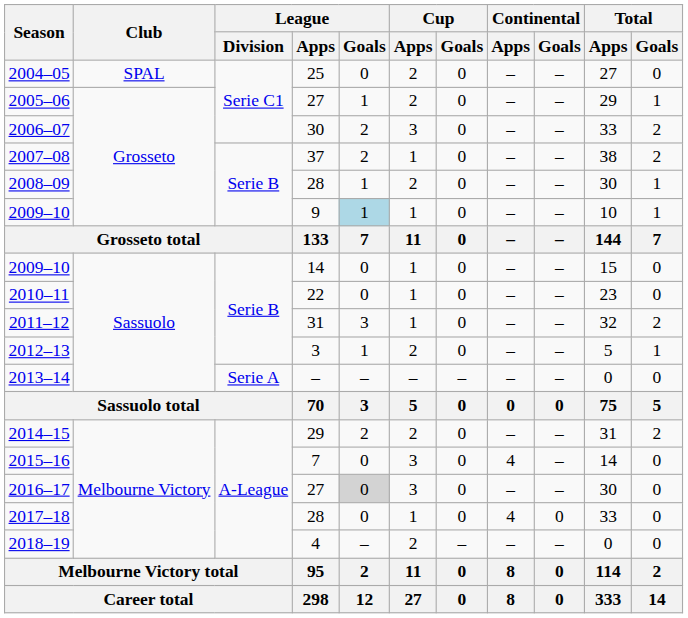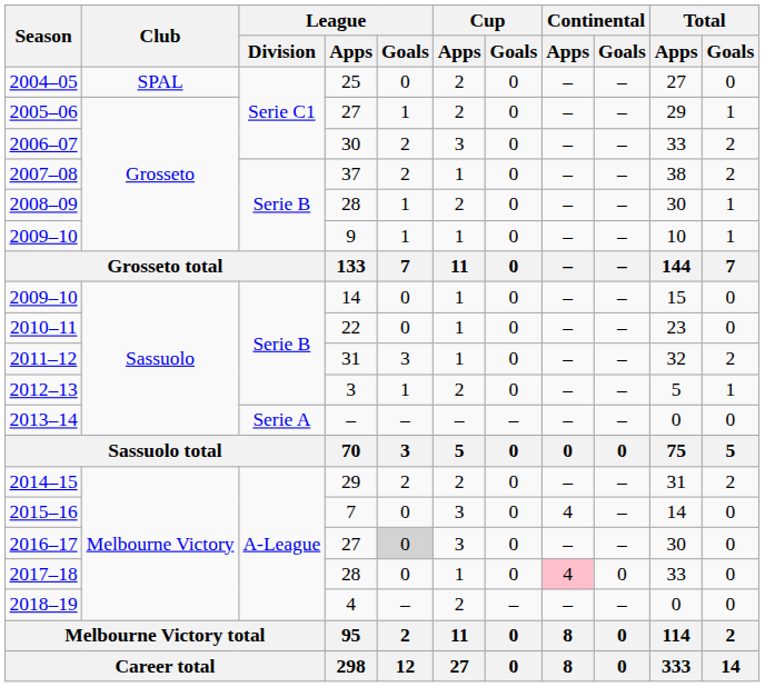 <table class="wikitable" style="text-align:center">
 <tr>
 <th rowspan="2">Season</th>
 <th rowspan="2">Club</th>
 <th colspan="3">League</th>
 <th colspan="2">Cup</th>
 <th colspan="2">Continental</th>
 <th colspan="2">Total</th>
 </tr>
 <tr>
 <th>Division</th>
 <th>Apps</th>
 <th>Goals</th>
 <th>Apps</th>
 <th>Goals</th>
 <th>Apps</th>
 <th>Goals</th>
 <th>Apps</th>
 <th>Goals</th>
 </tr>
 <tr>
 <td><a href='#'>2004–05</a></td>
 <td><a href='#'>SPAL</a></td>
 <td rowspan="3"><a href='#'>Serie C1</a></td>
 <td>25</td>
 <td>0</td>
 <td>2</td>
 <td>0</td>
 <td>–</td>
 <td>–</td>
 <td>27</td>
 <td>0</td>
 </tr>
 <tr>
 <td><a href='#'>2005–06</a></td>
 <td rowspan="5"><a href='#'>Grosseto</a></td>
 <td>27</td>
 <td>1</td>
 <td>2</td>
 <td>0</td>
 <td>–</td>
 <td>–</td>
 <td>29</td>
 <td>1</td>
 </tr>
 <tr>
 <td><a href='#'>2006–07</a></td>
 <td>30</td>
 <td>2</td>
 <td>3</td>
 <td>0</td>
 <td>–</td>
 <td>–</td>
 <td>33</td>
 <td>2</td>
 </tr>
 <tr>
 <td><a href='#'>2007–08</a></td>
 <td rowspan="3"><a href='#'>Serie B</a></td>
 <td>37</td>
 <td>2</td>
 <td>1</td>
 <td>0</td>
 <td>–</td>
 <td>–</td>
 <td>38</td>
 <td>2</td>
 </tr>
 <tr>
 <td><a href='#'>2008–09</a></td>
 <td>28</td>
 <td>1</td>
 <td>2</td>
 <td>0</td>
 <td>–</td>
 <td>–</td>
 <td>30</td>
 <td>1</td>
 </tr>
 <tr>
 <td><a href='#'>2009–10</a></td>
 <td>9</td>
-<td style="background: lightblue;">1</td>
+<td>1</td>
 <td>1</td>
 <td>0</td>
 <td>–</td>
 <td>–</td>
 <td>10</td>
 <td>1</td>
 </tr>
 <tr>
 <th Colspan="3">Grosseto total</th>
 <th>133</th>
 <th>7</th>
 <th>11</th>
 <th>0</th>
 <th>–</th>
 <th>–</th>
 <th>144</th>
 <th>7</th>
 </tr>
 <tr>
 <td><a href='#'>2009–10</a></td>
 <td rowspan="5"><a href='#'>Sassuolo</a></td>
 <td rowspan="4"><a href='#'>Serie B</a></td>
 <td>14</td>
 <td>0</td>
 <td>1</td>
 <td>0</td>
 <td>–</td>
 <td>–</td>
 <td>15</td>
 <td>0</td>
 </tr>
 <tr>
 <td><a href='#'>2010–11</a></td>
 <td>22</td>
 <td>0</td>
 <td>1</td>
 <td>0</td>
 <td>–</td>
 <td>–</td>
 <td>23</td>
 <td>0</td>
 </tr>
 <tr>
 <td><a href='#'>2011–12</a></td>
 <td>31</td>
 <td>3</td>
 <td>1</td>
 <td>0</td>
 <td>–</td>
 <td>–</td>
 <td>32</td>
 <td>2</td>
 </tr>
 <tr>
 <td><a href='#'>2012–13</a></td>
 <td>3</td>
 <td>1</td>
 <td>2</td>
 <td>0</td>
 <td>–</td>
 <td>–</td>
 <td>5</td>
 <td>1</td>
 </tr>
 <tr>
 <td><a href='#'>2013–14</a></td>
 <td><a href='#'>Serie A</a></td>
 <td>–</td>
 <td>–</td>
 <td>–</td>
 <td>–</td>
 <td>–</td>
 <td>–</td>
 <td>0</td>
 <td>0</td>
 </tr>
 <tr>
 <th colspan="3">Sassuolo total</th>
 <th>70</th>
 <th>3</th>
 <th>5</th>
 <th>0</th>
 <th>0</th>
 <th>0</th>
 <th>75</th>
 <th>5</th>
 </tr>
 <tr>
 <td><a href='#'>2014–15</a></td>
 <td rowspan="5"><a href='#'>Melbourne Victory</a></td>
 <td rowspan="5"><a href='#'>A-League</a></td>
 <td>29</td>
 <td>2</td>
 <td>2</td>
 <td>0</td>
 <td>–</td>
 <td>–</td>
 <td>31</td>
 <td>2</td>
 </tr>
 <tr>
 <td><a href='#'>2015–16</a></td>
 <td>7</td>
 <td>0</td>
 <td>3</td>
 <td>0</td>
 <td>4</td>
 <td>–</td>
 <td>14</td>
 <td>0</td>
 </tr>
 <tr>
 <td><a href='#'>2016–17</a></td>
 <td>27</td>
 <td style="background: lightgrey;">0</td>
 <td>3</td>
 <td>0</td>
 <td>–</td>
 <td>–</td>
 <td>30</td>
 <td>0</td>
 </tr>
 <tr>
 <td><a href='#'>2017–18</a></td>
 <td>28</td>
 <td>0</td>
 <td>1</td>
 <td>0</td>
-<td>4</td>
+<td style="background: pink;">4</td>
 <td>0</td>
 <td>33</td>
 <td>0</td>
 </tr>
 <tr>
 <td><a href='#'>2018–19</a></td>
 <td>4</td>
 <td>–</td>
 <td>2</td>
 <td>–</td>
 <td>–</td>
 <td>–</td>
 <td>0</td>
 <td>0</td>
 </tr>
 <tr>
 <th colspan="3">Melbourne Victory total</th>
 <th>95</th>
 <th>2</th>
 <th>11</th>
 <th>0</th>
 <th>8</th>
 <th>0</th>
 <th>114</th>
 <th>2</th>
 </tr>
 <tr>
 <th colspan="3">Career total</th>
 <th>298</th>
 <th>12</th>
 <th>27</th>
 <th>0</th>
 <th>8</th>
 <th>0</th>
 <th>333</th>
 <th>14</th>
 </tr>
 </table>
